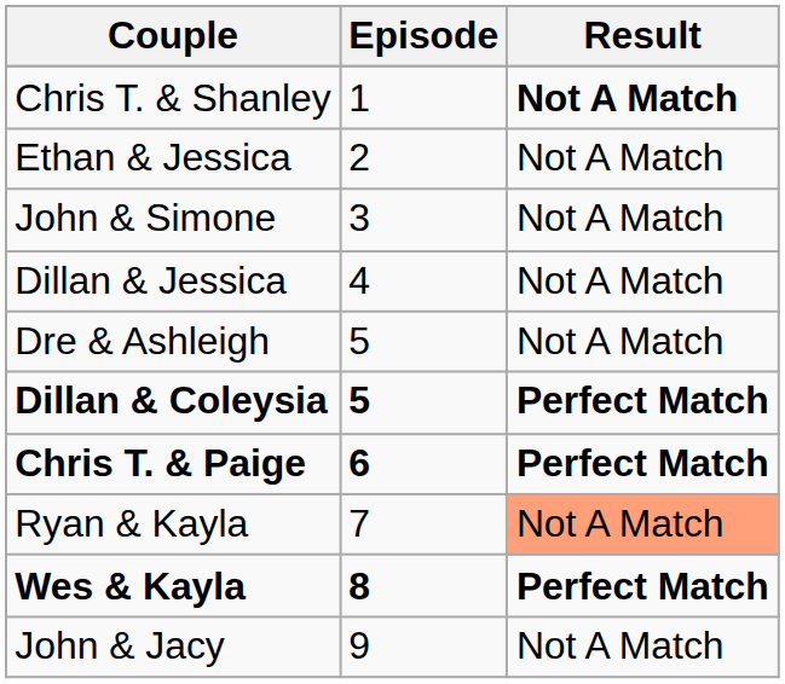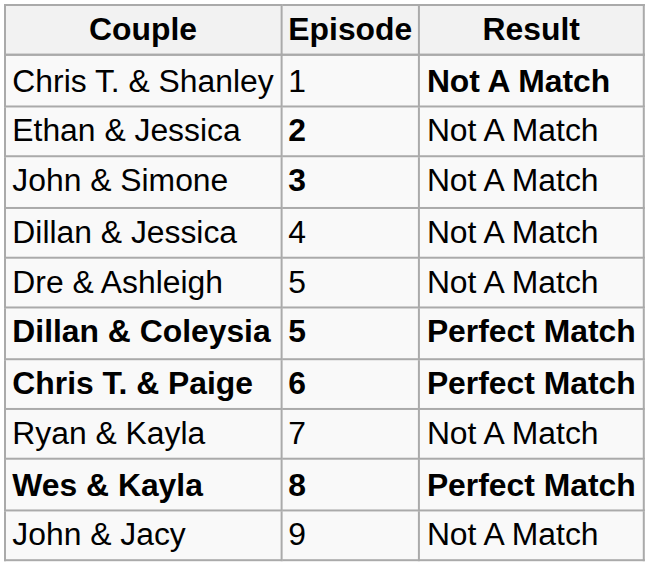 <table class="wikitable">
 <tr valign="bottom">
 <th>Couple</th>
 <th>Episode</th>
 <th>Result</th>
 </tr>
 <tr valign="top">
 </tr>
 <tr>
 <td>Chris T. & Shanley</td>
 <td>1</td>
 <td><strong>Not A Match</strong></td>
 </tr>
 <tr>
 <td>Ethan & Jessica</td>
-<td>2</td>
+<td><strong>2</strong></td>
 <td>Not A Match</td>
 </tr>
 <tr>
 <td>John & Simone</td>
-<td>3</td>
+<td><strong>3</strong></td>
 <td>Not A Match</td>
 </tr>
 <tr>
 <td>Dillan & Jessica</td>
 <td>4</td>
 <td>Not A Match</td>
 </tr>
 <tr>
 <td>Dre & Ashleigh</td>
 <td>5</td>
 <td>Not A Match</td>
 </tr>
 <tr>
 <td><strong>Dillan & Coleysia</strong></td>
 <td><strong>5</strong></td>
 <td><strong>Perfect Match</strong></td>
 </tr>
 <tr>
 <td><strong>Chris T. & Paige</strong></td>
 <td><strong>6</strong></td>
 <td><strong>Perfect Match</strong></td>
 </tr>
 <tr>
 <td>Ryan & Kayla</td>
 <td>7</td>
-<td style="background: lightsalmon;">Not A Match</td>
+<td>Not A Match</td>
 </tr>
 <tr>
 <td><strong>Wes & Kayla</strong></td>
 <td><strong>8</strong></td>
 <td><strong>Perfect Match</strong></td>
 </tr>
 <tr>
 <td>John & Jacy</td>
 <td>9</td>
 <td>Not A Match</td>
 </tr>
 </table>
